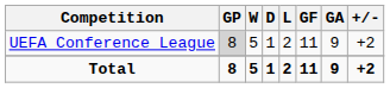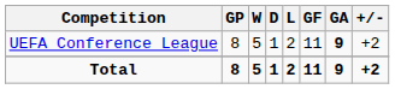 <table class="wikitable" style="text-align:center">
 <tr>
 <th>Competition</th>
 <th>GP</th>
 <th>W</th>
 <th>D</th>
 <th>L</th>
 <th>GF</th>
 <th>GA</th>
 <th>+/-</th>
 </tr>
 <tr>
 <td><a href='#'>UEFA Conference League</a></td>
-<td style="background: lightgrey;">8</td>
+<td>8</td>
 <td>5</td>
 <td>1</td>
 <td>2</td>
 <td>11</td>
-<td>9</td>
+<td><strong>9</strong></td>
 <td>+2</td>
 </tr>
 <tr>
 </tr>
 <tr class="unsortable">
 <td><strong>Total</strong></td>
 <td><strong>8</strong></td>
 <td><strong>5</strong></td>
 <td><strong>1</strong></td>
 <td><strong>2</strong></td>
 <td><strong>11</strong></td>
 <td><strong>9</strong></td>
 <td><strong>+2</strong></td>
 </tr>
 </table>
